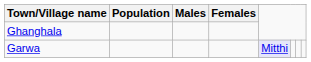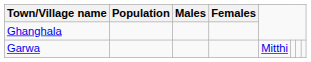 <table class="wikitable sortable collapsible">
 <tr>
 <th>Town/Village name</th>
 <th>Population</th>
 <th>Males</th>
 <th>Females</th>
 </tr>
 <tr>
 <td><a href='#'>Ghanghala</a></td>
 <td></td>
 <td></td>
 <td></td>
 </tr>
 <tr>
 <td><a href='#'>Garwa</a></td>
 <td></td>
 <td></td>
 <td></td>
-<td style="background: lavender;"><a href='#'>Mitthi</a></td>
+<td><a href='#'>Mitthi</a></td>
 <td></td>
 <td></td>
 <td></td>
 </tr>
 </table>
